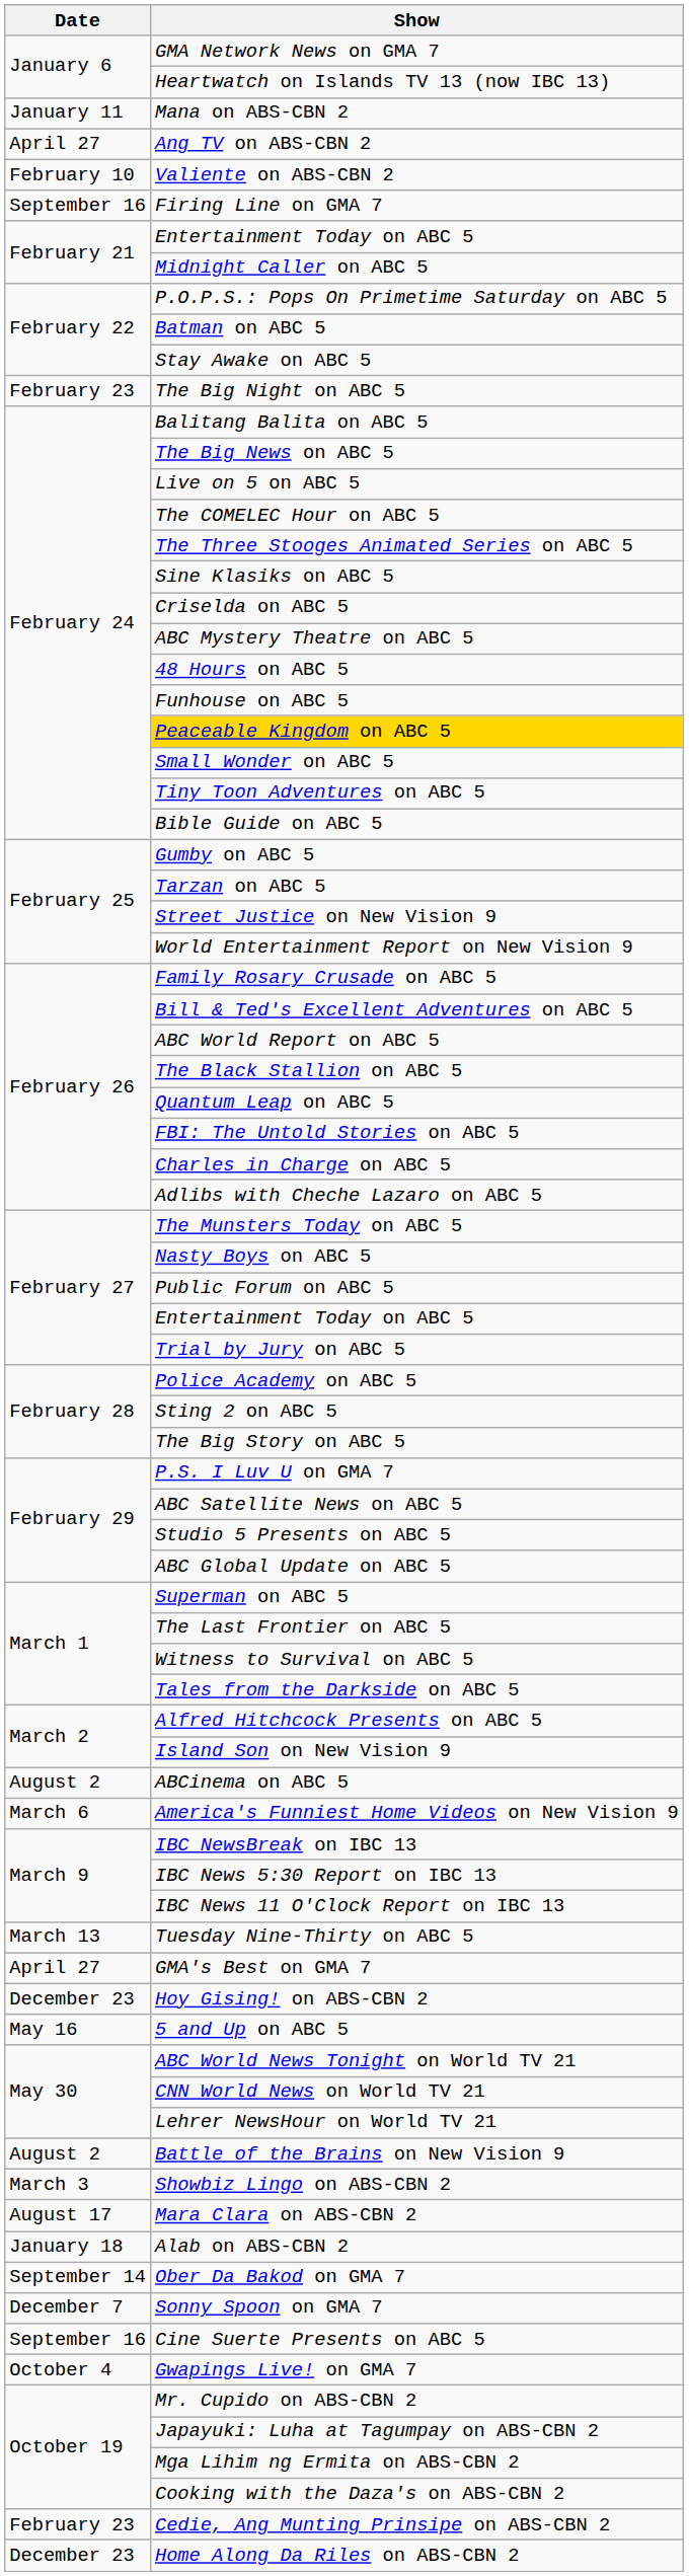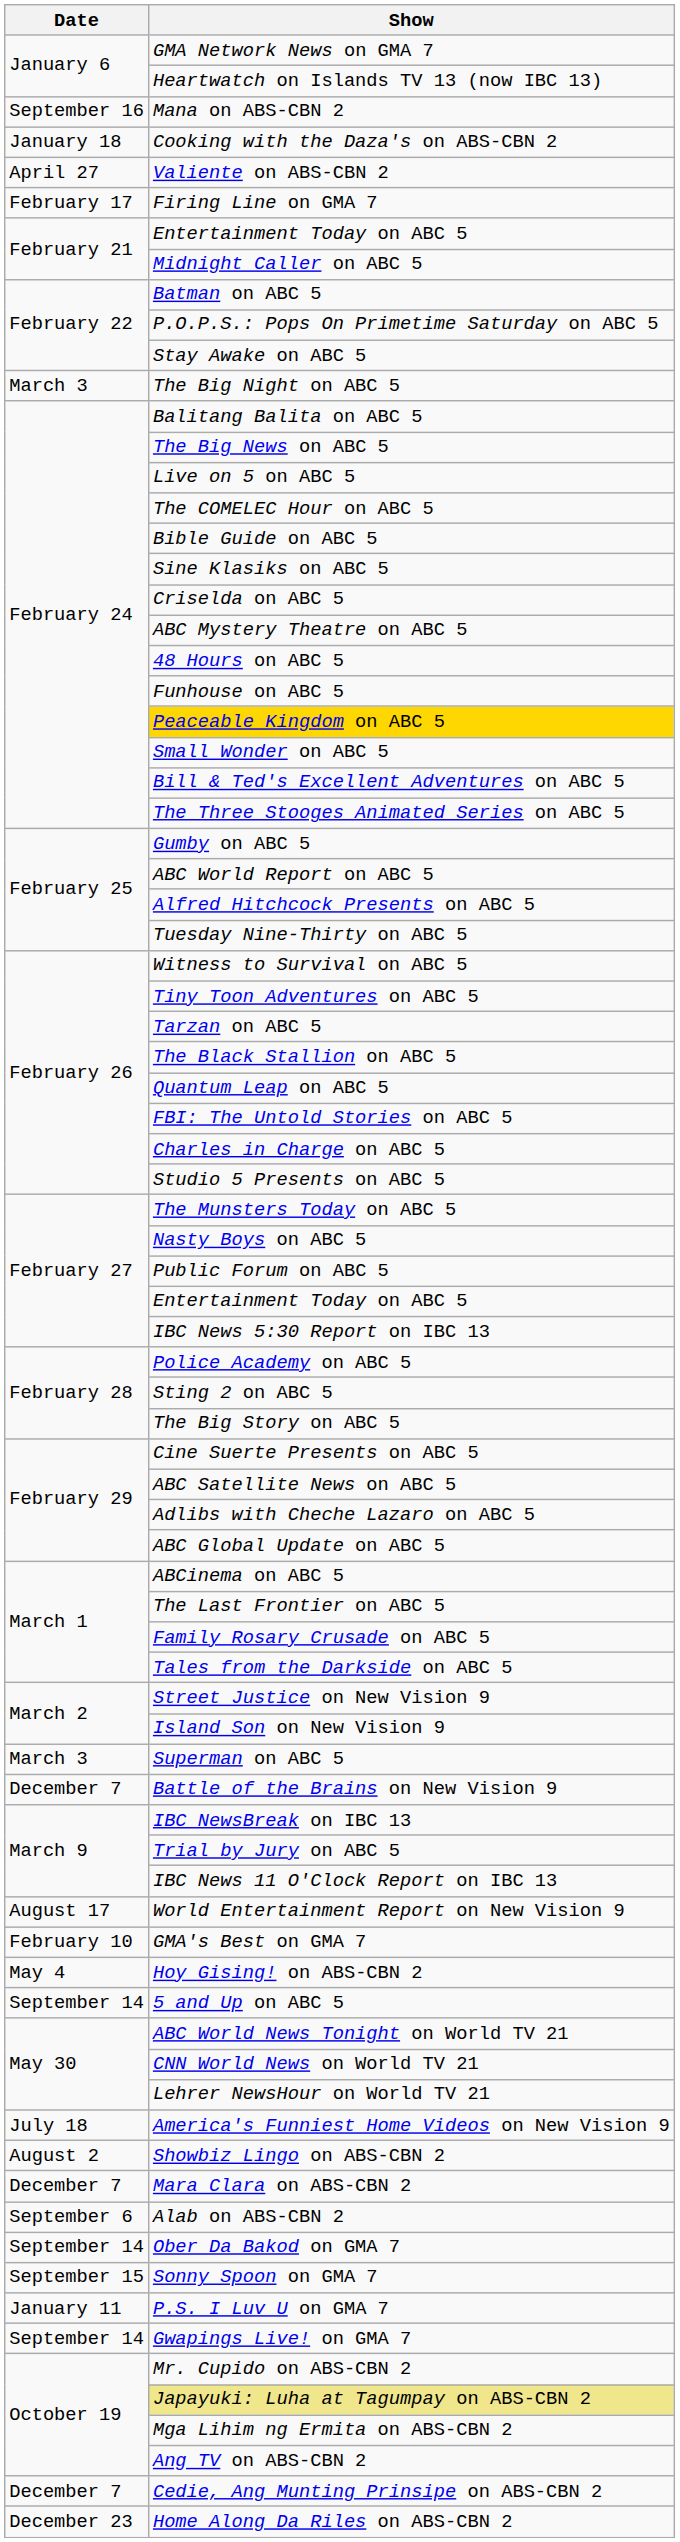 <table class="wikitable">
 <tr>
 <th>Date</th>
 <th>Show</th>
 </tr>
 <tr>
 <td rowspan="2">January 6</td>
 <td><em>GMA Network News</em> on GMA 7</td>
 </tr>
 <tr>
 <td><em>Heartwatch</em> on Islands TV 13 (now IBC 13)</td>
 </tr>
 <tr>
-<td>January 11</td>
+<td>September 16</td>
 <td><em>Mana</em> on ABS-CBN 2</td>
 </tr>
 <tr>
-<td>April 27</td>
-<td><em><a href='#'>Ang TV</a></em> on ABS-CBN 2</td>
+<td>January 18</td>
+<td><em>Cooking with the Daza's</em> on ABS-CBN 2</td>
 </tr>
 <tr>
-<td>February 10</td>
+<td>April 27</td>
 <td><em><a href='#'>Valiente</a></em> on ABS-CBN 2</td>
 </tr>
 <tr>
-<td>September 16</td>
+<td>February 17</td>
 <td><em>Firing Line</em> on GMA 7</td>
 </tr>
 <tr>
 <td rowspan="2">February 21</td>
 <td><em>Entertainment Today</em> on ABC 5</td>
 </tr>
 <tr>
 <td><em><a href='#'>Midnight Caller</a></em> on ABC 5</td>
 </tr>
 <tr>
 <td rowspan="3">February 22</td>
-<td><em>P.O.P.S.: Pops On Primetime Saturday</em> on ABC 5</td>
+<td><em><a href='#'>Batman</a></em> on ABC 5</td>
 </tr>
 <tr>
-<td><em><a href='#'>Batman</a></em> on ABC 5</td>
+<td><em>P.O.P.S.: Pops On Primetime Saturday</em> on ABC 5</td>
 </tr>
 <tr>
 <td><em>Stay Awake</em> on ABC 5</td>
 </tr>
 <tr>
-<td>February 23</td>
+<td>March 3</td>
 <td><em>The Big Night</em> on ABC 5</td>
 </tr>
 <tr>
 <td rowspan="14">February 24</td>
 <td><em>Balitang Balita</em> on ABC 5</td>
 </tr>
 <tr>
 <td><em><a href='#'>The Big News</a></em> on ABC 5</td>
 </tr>
 <tr>
 <td><em>Live on 5</em> on ABC 5</td>
 </tr>
 <tr>
 <td><em>The COMELEC Hour</em> on ABC 5</td>
 </tr>
 <tr>
-<td><em><a href='#'>The Three Stooges Animated Series</a></em> on ABC 5</td>
+<td><em>Bible Guide</em> on ABC 5</td>
 </tr>
 <tr>
 <td><em>Sine Klasiks</em> on ABC 5</td>
 </tr>
 <tr>
 <td><em>Criselda</em> on ABC 5</td>
 </tr>
 <tr>
 <td><em>ABC Mystery Theatre</em> on ABC 5</td>
 </tr>
 <tr>
 <td><em><a href='#'>48 Hours</a></em> on ABC 5</td>
 </tr>
 <tr>
 <td><em>Funhouse</em> on ABC 5</td>
 </tr>
 <tr>
 <td style="background: gold;"><em><a href='#'>Peaceable Kingdom</a></em> on ABC 5</td>
 </tr>
 <tr>
 <td><em><a href='#'>Small Wonder</a></em> on ABC 5</td>
 </tr>
 <tr>
-<td><em><a href='#'>Tiny Toon Adventures</a></em> on ABC 5</td>
+<td><em><a href='#'>Bill & Ted's Excellent Adventures</a></em> on ABC 5</td>
 </tr>
 <tr>
-<td><em>Bible Guide</em> on ABC 5</td>
+<td><em><a href='#'>The Three Stooges Animated Series</a></em> on ABC 5</td>
 </tr>
 <tr>
 <td rowspan="4">February 25</td>
 <td><em><a href='#'>Gumby</a></em> on ABC 5</td>
 </tr>
 <tr>
-<td><em><a href='#'>Tarzan</a></em> on ABC 5</td>
+<td><em>ABC World Report</em> on ABC 5</td>
 </tr>
 <tr>
-<td><em><a href='#'>Street Justice</a></em> on New Vision 9</td>
+<td><em><a href='#'>Alfred Hitchcock Presents</a></em> on ABC 5</td>
 </tr>
 <tr>
-<td><em>World Entertainment Report</em> on New Vision 9</td>
+<td><em>Tuesday Nine-Thirty</em> on ABC 5</td>
 </tr>
 <tr>
 <td rowspan="8">February 26</td>
-<td><em><a href='#'>Family Rosary Crusade</a></em> on ABC 5</td>
+<td><em>Witness to Survival</em> on ABC 5</td>
 </tr>
 <tr>
-<td><em><a href='#'>Bill & Ted's Excellent Adventures</a></em> on ABC 5</td>
+<td><em><a href='#'>Tiny Toon Adventures</a></em> on ABC 5</td>
 </tr>
 <tr>
-<td><em>ABC World Report</em> on ABC 5</td>
+<td><em><a href='#'>Tarzan</a></em> on ABC 5</td>
 </tr>
 <tr>
 <td><em><a href='#'>The Black Stallion</a></em> on ABC 5</td>
 </tr>
 <tr>
 <td><em><a href='#'>Quantum Leap</a></em> on ABC 5</td>
 </tr>
 <tr>
 <td><em><a href='#'>FBI: The Untold Stories</a></em> on ABC 5</td>
 </tr>
 <tr>
 <td><em><a href='#'>Charles in Charge</a></em> on ABC 5</td>
 </tr>
 <tr>
-<td><em>Adlibs with Cheche Lazaro</em> on ABC 5</td>
+<td><em>Studio 5 Presents</em> on ABC 5</td>
 </tr>
 <tr>
 <td rowspan="5">February 27</td>
 <td><em><a href='#'>The Munsters Today</a></em> on ABC 5</td>
 </tr>
 <tr>
 <td><em><a href='#'>Nasty Boys</a></em> on ABC 5</td>
 </tr>
 <tr>
 <td><em>Public Forum</em> on ABC 5</td>
 </tr>
 <tr>
 <td><em>Entertainment Today</em> on ABC 5</td>
 </tr>
 <tr>
-<td><em><a href='#'>Trial by Jury</a></em> on ABC 5</td>
+<td><em>IBC News 5:30 Report</em> on IBC 13</td>
 </tr>
 <tr>
 <td rowspan="3">February 28</td>
 <td><em><a href='#'>Police Academy</a></em> on ABC 5</td>
 </tr>
 <tr>
 <td><em>Sting 2</em> on ABC 5</td>
 </tr>
 <tr>
 <td><em>The Big Story</em> on ABC 5</td>
 </tr>
 <tr>
 <td rowspan="4">February 29</td>
-<td><em><a href='#'>P.S. I Luv U</a></em> on GMA 7</td>
+<td><em>Cine Suerte Presents</em> on ABC 5</td>
 </tr>
 <tr>
 <td><em>ABC Satellite News</em> on ABC 5</td>
 </tr>
 <tr>
-<td><em>Studio 5 Presents</em> on ABC 5</td>
+<td><em>Adlibs with Cheche Lazaro</em> on ABC 5</td>
 </tr>
 <tr>
 <td><em>ABC Global Update</em> on ABC 5</td>
 </tr>
 <tr>
 <td rowspan="4">March 1</td>
-<td><em><a href='#'>Superman</a></em> on ABC 5</td>
+<td><em>ABCinema</em> on ABC 5</td>
 </tr>
 <tr>
 <td><em>The Last Frontier</em> on ABC 5</td>
 </tr>
 <tr>
-<td><em>Witness to Survival</em> on ABC 5</td>
+<td><em><a href='#'>Family Rosary Crusade</a></em> on ABC 5</td>
 </tr>
 <tr>
 <td><em><a href='#'>Tales from the Darkside</a></em> on ABC 5</td>
 </tr>
 <tr>
 <td rowspan="2">March 2</td>
-<td><em><a href='#'>Alfred Hitchcock Presents</a></em> on ABC 5</td>
+<td><em><a href='#'>Street Justice</a></em> on New Vision 9</td>
 </tr>
 <tr>
 <td><em><a href='#'>Island Son</a></em> on New Vision 9</td>
 </tr>
 <tr>
-<td>August 2</td>
-<td><em>ABCinema</em> on ABC 5</td>
+<td>March 3</td>
+<td><em><a href='#'>Superman</a></em> on ABC 5</td>
 </tr>
 <tr>
-<td>March 6</td>
-<td><em><a href='#'>America's Funniest Home Videos</a></em> on New Vision 9</td>
+<td>December 7</td>
+<td><em><a href='#'>Battle of the Brains</a></em> on New Vision 9</td>
 </tr>
 <tr>
 <td rowspan="3">March 9</td>
 <td><em><a href='#'>IBC NewsBreak</a></em> on IBC 13</td>
 </tr>
 <tr>
-<td><em>IBC News 5:30 Report</em> on IBC 13</td>
+<td><em><a href='#'>Trial by Jury</a></em> on ABC 5</td>
 </tr>
 <tr>
 <td><em>IBC News 11 O'Clock Report</em> on IBC 13</td>
 </tr>
 <tr>
-<td>March 13</td>
-<td><em>Tuesday Nine-Thirty</em> on ABC 5</td>
+<td>August 17</td>
+<td><em>World Entertainment Report</em> on New Vision 9</td>
 </tr>
 <tr>
-<td>April 27</td>
+<td>February 10</td>
 <td><em>GMA's Best</em> on GMA 7</td>
 </tr>
 <tr>
-<td>December 23</td>
+<td>May 4</td>
 <td><em><a href='#'>Hoy Gising!</a></em> on ABS-CBN 2</td>
 </tr>
 <tr>
-<td>May 16</td>
+<td>September 14</td>
 <td><em><a href='#'>5 and Up</a></em> on ABC 5</td>
 </tr>
 <tr>
 <td rowspan="3">May 30</td>
 <td><em><a href='#'>ABC World News Tonight</a></em> on World TV 21</td>
 </tr>
 <tr>
 <td><em><a href='#'>CNN World News</a></em> on World TV 21</td>
 </tr>
 <tr>
 <td><em>Lehrer NewsHour</em> on World TV 21</td>
 </tr>
 <tr>
-<td>August 2</td>
-<td><em><a href='#'>Battle of the Brains</a></em> on New Vision 9</td>
+<td>July 18</td>
+<td><em><a href='#'>America's Funniest Home Videos</a></em> on New Vision 9</td>
 </tr>
 <tr>
-<td>March 3</td>
+<td>August 2</td>
 <td><em><a href='#'>Showbiz Lingo</a></em> on ABS-CBN 2</td>
 </tr>
 <tr>
-<td>August 17</td>
+<td>December 7</td>
 <td><em><a href='#'>Mara Clara</a></em> on ABS-CBN 2</td>
 </tr>
 <tr>
-<td>January 18</td>
+<td>September 6</td>
 <td><em>Alab</em> on ABS-CBN 2</td>
 </tr>
 <tr>
 <td>September 14</td>
 <td><em><a href='#'>Ober Da Bakod</a></em> on GMA 7</td>
 </tr>
 <tr>
-<td>December 7</td>
+<td>September 15</td>
 <td><em><a href='#'>Sonny Spoon</a></em> on GMA 7</td>
 </tr>
 <tr>
-<td>September 16</td>
-<td><em>Cine Suerte Presents</em> on ABC 5</td>
+<td>January 11</td>
+<td><em><a href='#'>P.S. I Luv U</a></em> on GMA 7</td>
 </tr>
 <tr>
-<td>October 4</td>
+<td>September 14</td>
 <td><em><a href='#'>Gwapings Live!</a></em> on GMA 7</td>
 </tr>
 <tr>
 <td rowspan="4">October 19</td>
 <td><em>Mr. Cupido</em> on ABS-CBN 2</td>
 </tr>
 <tr>
-<td><em>Japayuki: Luha at Tagumpay</em> on ABS-CBN 2</td>
+<td style="background: khaki;"><em>Japayuki: Luha at Tagumpay</em> on ABS-CBN 2</td>
 </tr>
 <tr>
 <td><em>Mga Lihim ng Ermita</em> on ABS-CBN 2</td>
 </tr>
 <tr>
-<td><em>Cooking with the Daza's</em> on ABS-CBN 2</td>
+<td><em><a href='#'>Ang TV</a></em> on ABS-CBN 2</td>
 </tr>
 <tr>
-<td>February 23</td>
+<td>December 7</td>
 <td><em><a href='#'>Cedie, Ang Munting Prinsipe</a></em> on ABS-CBN 2</td>
 </tr>
 <tr>
 <td>December 23</td>
 <td><em><a href='#'>Home Along Da Riles</a></em> on ABS-CBN 2</td>
 </tr>
 <tr>
 </tr>
 </table>
